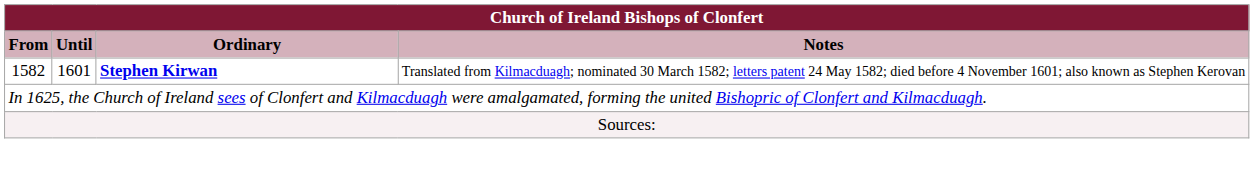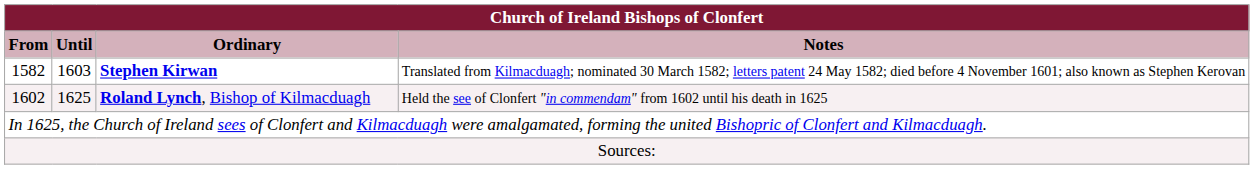 <table class="wikitable">
 <tr>
 <th colspan="4" style="background-color: #7F1734; color: white;">Church of Ireland Bishops of Clonfert</th>
 </tr>
 <tr>
 <th style="background-color: #D4B1BB;">From</th>
 <th style="background-color: #D4B1BB;">Until</th>
 <th style="background-color: #D4B1BB;" width=280pt>Ordinary</th>
 <th style="background-color: #D4B1BB;">Notes</th>
 </tr>
 <tr valign="top" style="background-color: #FFFFFF;">
 <td align=center>1582</td>
-<td align=center>1601</td>
+<td align=center>1603</td>
 <td><strong><a href='#'>Stephen Kirwan</a></strong></td>
 <td><small>Translated from <a href='#'>Kilmacduagh</a>; nominated 30 March 1582; <a href='#'>letters patent</a> 24 May 1582; died before 4 November 1601; also known as Stephen Kerovan</small></td>
+</tr>
+<tr valign="top" style="background-color: #F7F0F2;">
+<td align=center>1602</td>
+<td align=center>1625</td>
+<td><strong><a href='#'>Roland Lynch</a></strong>, <a href='#'>Bishop of Kilmacduagh</a></td>
+<td><small>Held the <a href='#'>see</a> of Clonfert <em>"<a href='#'>in commendam</a>"</em> from 1602 until his death in 1625</small></td>
 </tr>
 <tr valign="top" style="background-color: #FFFFFF;">
 <td colspan=4><em>In 1625, the Church of Ireland <a href='#'>sees</a> of Clonfert and <a href='#'>Kilmacduagh</a> were amalgamated, forming the united <a href='#'>Bishopric of Clonfert and Kilmacduagh</a>.</em></td>
 </tr>
 <tr valign="top" style="background-color: #F7F0F2;">
 <td colspan=4 align=center>Sources:</td>
 </tr>
 </table>
